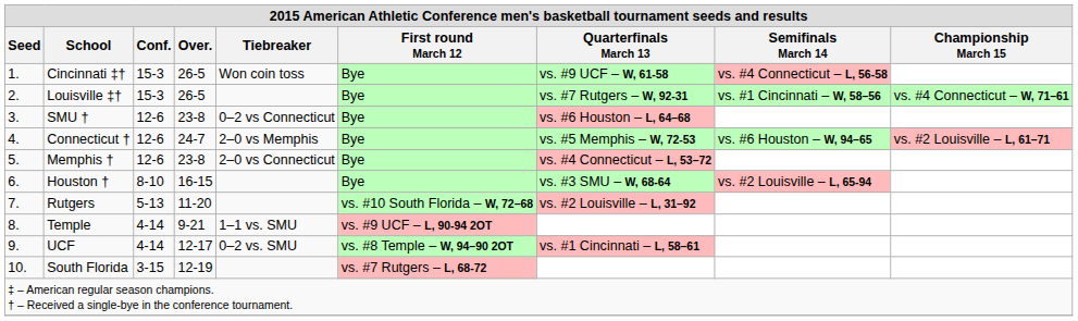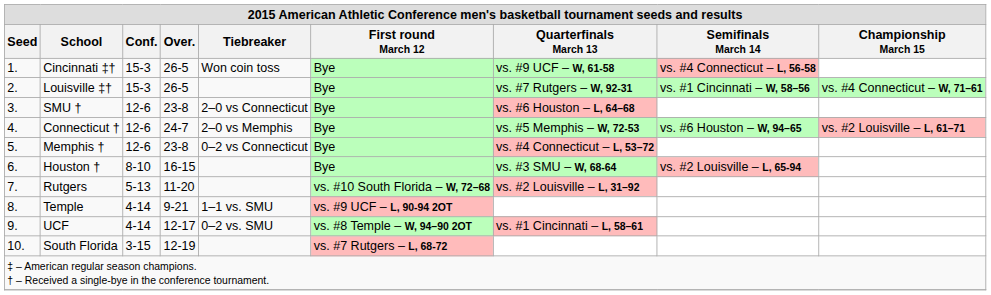 <table class="wikitable" style="white-space:nowrap; font-size:90%;">
 <tr>
 <td colspan="10" style="text-align:center; background:#DDDDDD; font:#000000"><strong>2015 American Athletic Conference men's basketball tournament seeds and results</strong></td>
 </tr>
 <tr bgcolor="#efefef">
 <th>Seed</th>
 <th>School</th>
 <th>Conf.</th>
 <th>Over.</th>
 <th>Tiebreaker</th>
 <th>First round<br><small>March 12</small></th>
 <th>Quarterfinals<br><small>March 13</small></th>
 <th>Semifinals<br><small>March 14</small></th>
 <th>Championship<br><small>March 15</small></th>
 </tr>
 <tr>
 <td>1.</td>
 <td>Cincinnati ‡†</td>
 <td>15-3</td>
 <td>26-5</td>
 <td>Won coin toss</td>
 <td style="background:#bfb;">Bye</td>
 <td style="background:#bfb;">vs. #9 UCF – <small><strong>W, 61-58</strong></small></td>
 <td style="background:#fbb;">vs. #4 Connecticut – <small><strong>L, 56-58</strong></small></td>
 <td style="background:#fff;"></td>
 </tr>
 <tr>
 <td>2.</td>
 <td>Louisville ‡†</td>
 <td>15-3</td>
 <td>26-5</td>
 <td></td>
 <td style="background:#bfb;">Bye</td>
 <td style="background:#bfb;">vs. #7 Rutgers – <small><strong>W, 92-31</strong></small></td>
 <td style="background:#bfb;">vs. #1 Cincinnati – <small><strong>W, 58–56</strong></small></td>
 <td style="background:#bfb;">vs. #4 Connecticut – <small><strong>W, 71–61</strong></small></td>
 </tr>
 <tr>
 <td>3.</td>
 <td>SMU †</td>
 <td>12-6</td>
 <td>23-8</td>
-<td>0–2 vs Connecticut</td>
+<td>2–0 vs Connecticut</td>
 <td style="background:#bfb;">Bye</td>
 <td style="background:#fbb;">vs. #6 Houston – <small><strong>L, 64–68</strong></small></td>
 <td style="background:#fff;"></td>
 <td style="background:#fff;"></td>
 </tr>
 <tr>
 <td>4.</td>
 <td>Connecticut †</td>
 <td>12-6</td>
 <td>24-7</td>
 <td>2–0 vs Memphis</td>
 <td style="background:#bfb;">Bye</td>
 <td style="background:#bfb;">vs. #5 Memphis – <small><strong>W, 72-53</strong></small></td>
 <td style="background:#bfb;">vs. #6 Houston – <small><strong>W, 94–65</strong></small></td>
 <td style="background:#fbb;">vs. #2 Louisville – <small><strong>L, 61–71</strong></small></td>
 </tr>
 <tr>
 <td>5.</td>
 <td>Memphis †</td>
 <td>12-6</td>
 <td>23-8</td>
-<td>2–0 vs Connecticut</td>
+<td>0–2 vs Connecticut</td>
 <td style="background:#bfb;">Bye</td>
 <td style="background:#fbb;">vs. #4 Connecticut – <small><strong>L, 53–72</strong></small></td>
 <td style="background:#fff;"></td>
 <td style="background:#fff;"></td>
 </tr>
 <tr>
 <td>6.</td>
 <td>Houston †</td>
 <td>8-10</td>
 <td>16-15</td>
 <td></td>
 <td style="background:#bfb;">Bye</td>
 <td style="background:#bfb;">vs. #3 SMU – <small><strong>W, 68-64</strong></small></td>
 <td style="background:#fbb;">vs. #2 Louisville – <small><strong>L, 65-94</strong></small></td>
 <td style="background:#fff;"></td>
 </tr>
 <tr>
 <td>7.</td>
 <td>Rutgers</td>
 <td>5-13</td>
 <td>11-20</td>
 <td></td>
 <td style="background:#bfb;">vs. #10 South Florida – <small><strong>W, 72–68</strong></small></td>
 <td style="background:#fbb;">vs. #2 Louisville – <small><strong>L, 31–92</strong></small></td>
 <td style="background:#fff;"></td>
 <td style="background:#fff;"></td>
 </tr>
 <tr>
 <td>8.</td>
 <td>Temple</td>
 <td>4-14</td>
 <td>9-21</td>
 <td>1–1 vs. SMU</td>
 <td style="background:#fbb;">vs. #9 UCF – <small><strong>L, 90-94 2OT</strong></small></td>
 <td style="background:#fff;"></td>
 <td style="background:#fff;"></td>
 <td style="background:#fff;"></td>
 </tr>
 <tr>
 <td>9.</td>
 <td>UCF</td>
 <td>4-14</td>
 <td>12-17</td>
 <td>0–2 vs. SMU</td>
 <td style="background:#bfb;">vs. #8 Temple – <small><strong>W, 94–90 2OT</strong></small></td>
 <td style="background:#fbb;">vs. #1 Cincinnati – <small><strong>L, 58–61</strong></small></td>
 <td style="background:#fff;"></td>
 <td style="background:#fff;"></td>
 </tr>
 <tr>
 <td>10.</td>
 <td>South Florida</td>
 <td>3-15</td>
 <td>12-19</td>
 <td></td>
 <td style="background:#fbb;">vs. #7 Rutgers – <small><strong>L, 68-72</strong></small></td>
 <td style="background:#fff;"></td>
 <td style="background:#fff;"></td>
 <td style="background:#fff;"></td>
 </tr>
 <tr>
 <td colspan="10" style="text-align:left;"><small>‡ – American regular season champions.<br>† – Received a single-bye in the conference tournament.</small></td>
 </tr>
 <tr>
 </tr>
 </table>
